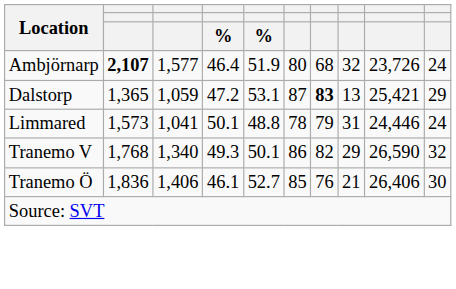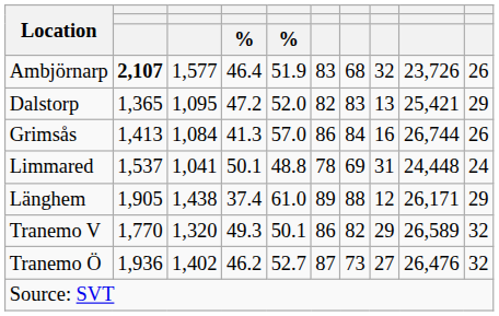 <table role="presentation" class="wikitable sortable mw-collapsible">
 <tr>
 <th rowspan="3">Location</th>
 <th></th>
 <th></th>
 <th></th>
 <th></th>
 <th></th>
 <th></th>
 <th></th>
 <th></th>
 <th></th>
 </tr>
 <tr>
 <th></th>
 <th></th>
 <th style="background:"></th>
 <th style="background:"></th>
 <th></th>
 <th></th>
 <th></th>
 <th></th>
 <th></th>
 </tr>
 <tr>
 <th data-sort-type="number"></th>
 <th data-sort-type="number"></th>
 <th data-sort-type="number">%</th>
 <th data-sort-type="number">%</th>
 <th data-sort-type="number"></th>
 <th data-sort-type="number"></th>
 <th data-sort-type="number"></th>
 <th data-sort-type="number"></th>
 <th data-sort-type="number"></th>
 </tr>
 <tr>
 <td align="left">Ambjörnarp</td>
 <td><strong>2,107</strong></td>
 <td>1,577</td>
 <td>46.4</td>
 <td>51.9</td>
-<td>80</td>
+<td>83</td>
 <td>68</td>
 <td>32</td>
 <td>23,726</td>
-<td>24</td>
+<td>26</td>
 </tr>
 <tr>
 <td align="left">Dalstorp</td>
 <td>1,365</td>
-<td>1,059</td>
+<td>1,095</td>
 <td>47.2</td>
-<td>53.1</td>
-<td>87</td>
-<td><strong>83</strong></td>
+<td>52.0</td>
+<td>82</td>
+<td>83</td>
 <td>13</td>
 <td>25,421</td>
 <td>29</td>
 </tr>
 <tr>
+<td align="left">Grimsås</td>
+<td>1,413</td>
+<td>1,084</td>
+<td>41.3</td>
+<td>57.0</td>
+<td>86</td>
+<td>84</td>
+<td>16</td>
+<td>26,744</td>
+<td>26</td>
+</tr>
+<tr>
 <td align="left">Limmared</td>
-<td>1,573</td>
+<td>1,537</td>
 <td>1,041</td>
 <td>50.1</td>
 <td>48.8</td>
 <td>78</td>
-<td>79</td>
+<td>69</td>
 <td>31</td>
-<td>24,446</td>
+<td>24,448</td>
 <td>24</td>
 </tr>
 <tr>
+<td align="left">Länghem</td>
+<td>1,905</td>
+<td>1,438</td>
+<td>37.4</td>
+<td>61.0</td>
+<td>89</td>
+<td>88</td>
+<td>12</td>
+<td>26,171</td>
+<td>29</td>
+</tr>
+<tr>
 <td align="left">Tranemo V</td>
-<td>1,768</td>
-<td>1,340</td>
+<td>1,770</td>
+<td>1,320</td>
 <td>49.3</td>
 <td>50.1</td>
 <td>86</td>
 <td>82</td>
 <td>29</td>
-<td>26,590</td>
+<td>26,589</td>
 <td>32</td>
 </tr>
 <tr>
 <td align="left">Tranemo Ö</td>
-<td>1,836</td>
-<td>1,406</td>
-<td>46.1</td>
+<td>1,936</td>
+<td>1,402</td>
+<td>46.2</td>
 <td>52.7</td>
-<td>85</td>
-<td>76</td>
-<td>21</td>
-<td>26,406</td>
-<td>30</td>
+<td>87</td>
+<td>73</td>
+<td>27</td>
+<td>26,476</td>
+<td>32</td>
 </tr>
 <tr>
 <td colspan="10" align="left">Source: <a href='#'>SVT</a></td>
 </tr>
 </table>
